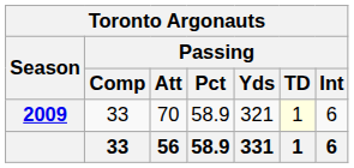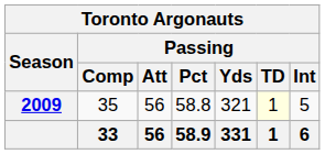 <table class="wikitable" style="text-align:center;">
 <tr>
 <th colspan="16">Toronto Argonauts</th>
 </tr>
 <tr>
 <th rowspan="2">Season</th>
 <th colspan="6">Passing</th>
 </tr>
 <tr>
 <th>Comp</th>
 <th>Att</th>
 <th>Pct</th>
 <th>Yds</th>
 <th>TD</th>
 <th>Int</th>
 </tr>
 <tr>
 <th><a href='#'>2009</a></th>
-<td>33</td>
-<td>70</td>
-<td>58.9</td>
+<td>35</td>
+<td>56</td>
+<td>58.8</td>
 <td>321</td>
 <td style="background: lightyellow;">1</td>
-<td>6</td>
+<td>5</td>
 </tr>
 <tr>
 <th></th>
 <th>33</th>
 <th>56</th>
 <th>58.9</th>
 <th>331</th>
 <th>1</th>
 <th>6</th>
 </tr>
 </table>
